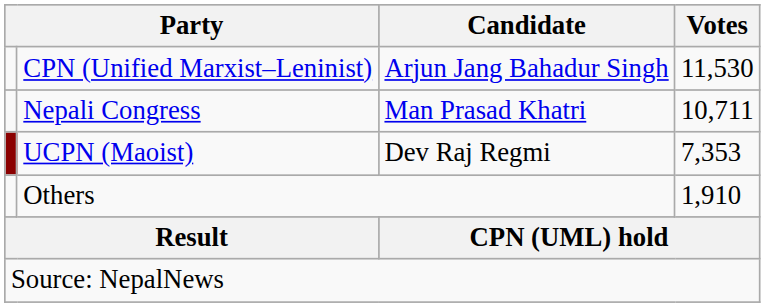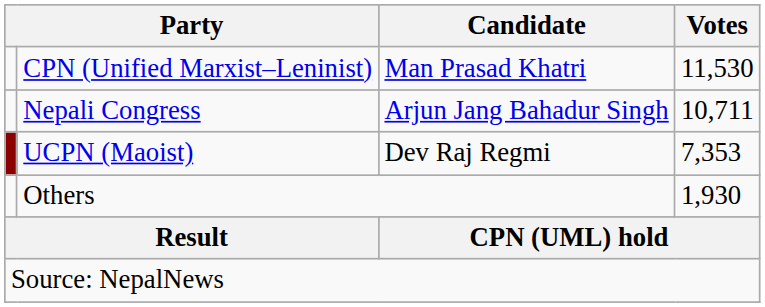 <table class="wikitable">
 <tr>
 <th colspan="2">Party</th>
 <th>Candidate</th>
 <th>Votes</th>
 </tr>
 <tr>
 <td style="color:inherit;background-color:"></td>
 <td><a href='#'>CPN (Unified Marxist–Leninist)</a></td>
-<td><a href='#'>Arjun Jang Bahadur Singh</a></td>
+<td><a href='#'>Man Prasad Khatri</a></td>
 <td>11,530</td>
 </tr>
 <tr>
 <td style="color:inherit;background-color:"></td>
 <td><a href='#'>Nepali Congress</a></td>
-<td><a href='#'>Man Prasad Khatri</a></td>
+<td><a href='#'>Arjun Jang Bahadur Singh</a></td>
 <td>10,711</td>
 </tr>
 <tr>
 <td style="color:inherit;background-color:darkred"></td>
 <td><a href='#'>UCPN (Maoist)</a></td>
 <td>Dev Raj Regmi</td>
 <td>7,353</td>
 </tr>
 <tr>
 <td></td>
 <td colspan="2">Others</td>
-<td>1,910</td>
+<td>1,930</td>
 </tr>
 <tr>
 <th colspan="2">Result</th>
 <th colspan="2">CPN (UML) hold</th>
 </tr>
 <tr>
 <td colspan="4">Source: NepalNews</td>
 </tr>
 </table>
